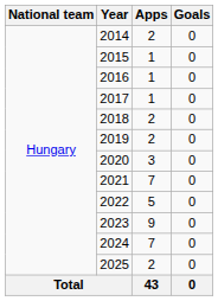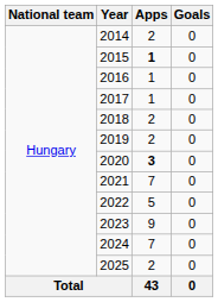 <table class="wikitable" style="text-align:center">
 <tr>
 <th>National team</th>
 <th>Year</th>
 <th>Apps</th>
 <th>Goals</th>
 </tr>
 <tr>
 <td rowspan="12"><a href='#'>Hungary</a></td>
 <td>2014</td>
 <td>2</td>
 <td>0</td>
 </tr>
 <tr>
 <td>2015</td>
-<td>1</td>
+<td><strong>1</strong></td>
 <td>0</td>
 </tr>
 <tr>
 <td>2016</td>
 <td>1</td>
 <td>0</td>
 </tr>
 <tr>
 <td>2017</td>
 <td>1</td>
 <td>0</td>
 </tr>
 <tr>
 <td>2018</td>
 <td>2</td>
 <td>0</td>
 </tr>
 <tr>
 <td>2019</td>
 <td>2</td>
 <td>0</td>
 </tr>
 <tr>
 <td>2020</td>
-<td>3</td>
+<td><strong>3</strong></td>
 <td>0</td>
 </tr>
 <tr>
 <td>2021</td>
 <td>7</td>
 <td>0</td>
 </tr>
 <tr>
 <td>2022</td>
 <td>5</td>
 <td>0</td>
 </tr>
 <tr>
 <td>2023</td>
 <td>9</td>
 <td>0</td>
 </tr>
 <tr>
 <td>2024</td>
 <td>7</td>
 <td>0</td>
 </tr>
 <tr>
 <td>2025</td>
 <td>2</td>
 <td>0</td>
 </tr>
 <tr>
 <th colspan=2>Total</th>
 <th>43</th>
 <th>0</th>
 </tr>
 </table>
